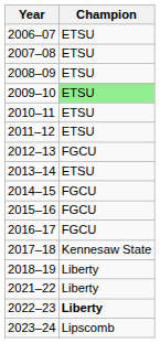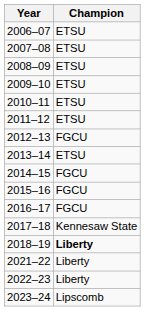 <table class="wikitable">
 <tr>
 <th>Year</th>
 <th>Champion</th>
 </tr>
 <tr>
 <td>2006–07</td>
 <td>ETSU</td>
 </tr>
 <tr>
 <td>2007–08</td>
 <td>ETSU</td>
 </tr>
 <tr>
 <td>2008–09</td>
 <td>ETSU</td>
 </tr>
 <tr>
 <td>2009–10</td>
-<td style="background: lightgreen;">ETSU</td>
+<td>ETSU</td>
 </tr>
 <tr>
 <td>2010–11</td>
 <td>ETSU</td>
 </tr>
 <tr>
 <td>2011–12</td>
 <td>ETSU</td>
 </tr>
 <tr>
 <td>2012–13</td>
 <td>FGCU</td>
 </tr>
 <tr>
 <td>2013–14</td>
 <td>ETSU</td>
 </tr>
 <tr>
 <td>2014–15</td>
 <td>FGCU</td>
 </tr>
 <tr>
 <td>2015–16</td>
 <td>FGCU</td>
 </tr>
 <tr>
 <td>2016–17</td>
 <td>FGCU</td>
 </tr>
 <tr>
 <td>2017–18</td>
 <td>Kennesaw State</td>
 </tr>
 <tr>
 <td>2018–19</td>
-<td>Liberty</td>
+<td><strong>Liberty</strong></td>
 </tr>
 <tr>
 <td>2021–22</td>
 <td>Liberty</td>
 </tr>
 <tr>
 <td>2022–23</td>
-<td><strong>Liberty</strong></td>
+<td>Liberty</td>
 </tr>
 <tr>
 <td>2023–24</td>
 <td>Lipscomb</td>
 </tr>
 </table>
